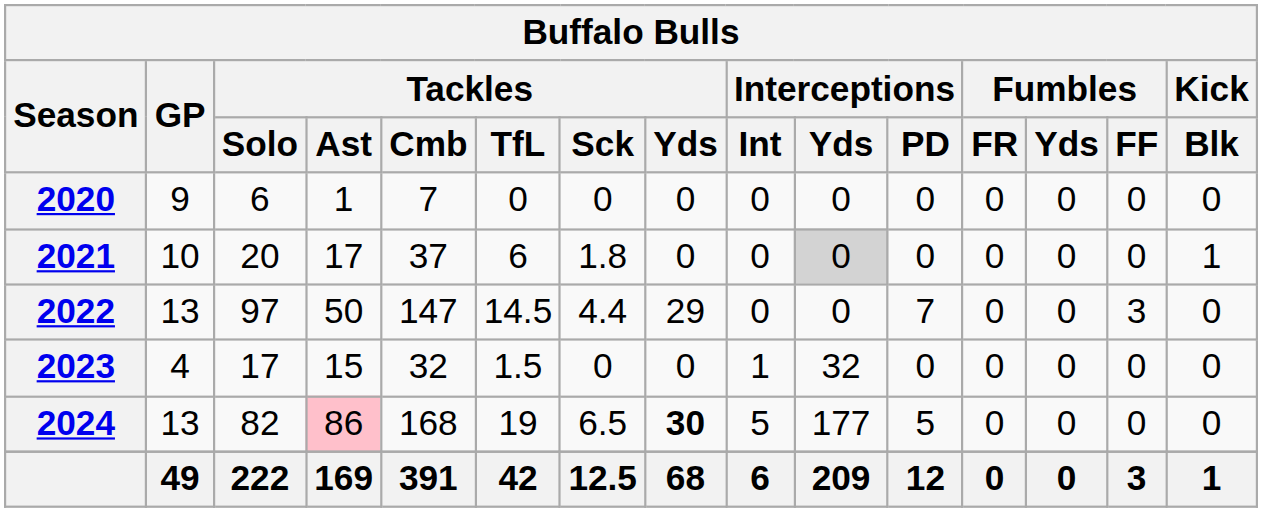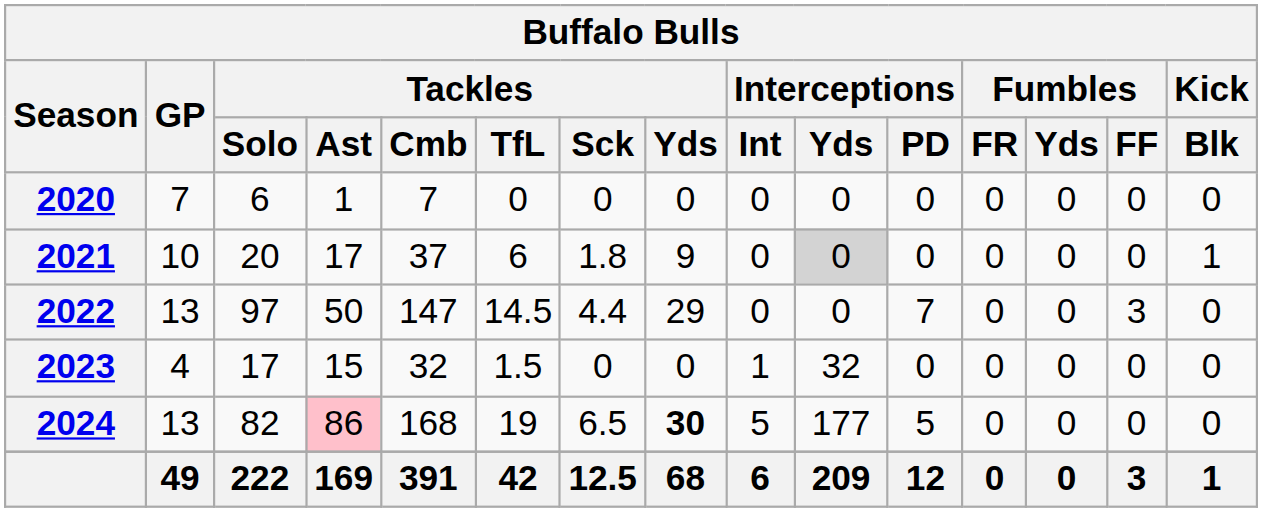 <table class="wikitable" style="text-align:center;">
 <tr>
 <th colspan="19"><strong>Buffalo Bulls</strong></th>
 </tr>
 <tr>
 <th rowspan="2">Season</th>
 <th rowspan="2">GP</th>
 <th colspan="6">Tackles</th>
 <th colspan="3">Interceptions</th>
 <th colspan="3">Fumbles</th>
 <th>Kick</th>
 </tr>
 <tr>
 <th>Solo</th>
 <th>Ast</th>
 <th>Cmb</th>
 <th>TfL</th>
 <th>Sck</th>
 <th>Yds</th>
 <th>Int</th>
 <th>Yds</th>
 <th>PD</th>
 <th>FR</th>
 <th>Yds</th>
 <th>FF</th>
 <th>Blk</th>
 </tr>
 <tr>
 <th><a href='#'>2020</a></th>
-<td>9</td>
+<td>7</td>
 <td>6</td>
 <td>1</td>
 <td>7</td>
 <td>0</td>
 <td>0</td>
 <td>0</td>
 <td>0</td>
 <td>0</td>
 <td>0</td>
 <td>0</td>
 <td>0</td>
 <td>0</td>
 <td>0</td>
 </tr>
 <tr>
 <th><a href='#'>2021</a></th>
 <td>10</td>
 <td>20</td>
 <td>17</td>
 <td>37</td>
 <td>6</td>
 <td>1.8</td>
-<td>0</td>
+<td>9</td>
 <td>0</td>
 <td style="background: lightgrey;">0</td>
 <td>0</td>
 <td>0</td>
 <td>0</td>
 <td>0</td>
 <td>1</td>
 </tr>
 <tr>
 <th><a href='#'>2022</a></th>
 <td>13</td>
 <td>97</td>
 <td>50</td>
 <td>147</td>
 <td>14.5</td>
 <td>4.4</td>
 <td>29</td>
 <td>0</td>
 <td>0</td>
 <td>7</td>
 <td>0</td>
 <td>0</td>
 <td>3</td>
 <td>0</td>
 </tr>
 <tr>
 <th><a href='#'>2023</a></th>
 <td>4</td>
 <td>17</td>
 <td>15</td>
 <td>32</td>
 <td>1.5</td>
 <td>0</td>
 <td>0</td>
 <td>1</td>
 <td>32</td>
 <td>0</td>
 <td>0</td>
 <td>0</td>
 <td>0</td>
 <td>0</td>
 </tr>
 <tr>
 <th><a href='#'>2024</a></th>
 <td>13</td>
 <td>82</td>
 <td style="background: pink;">86</td>
 <td>168</td>
 <td>19</td>
 <td>6.5</td>
 <td><strong>30</strong></td>
 <td>5</td>
 <td>177</td>
 <td>5</td>
 <td>0</td>
 <td>0</td>
 <td>0</td>
 <td>0</td>
 </tr>
 <tr>
 </tr>
 <tr>
 <th></th>
 <th>49</th>
 <th>222</th>
 <th>169</th>
 <th>391</th>
 <th>42</th>
 <th>12.5</th>
 <th>68</th>
 <th>6</th>
 <th>209</th>
 <th>12</th>
 <th>0</th>
 <th>0</th>
 <th>3</th>
 <th>1</th>
 </tr>
 </table>
